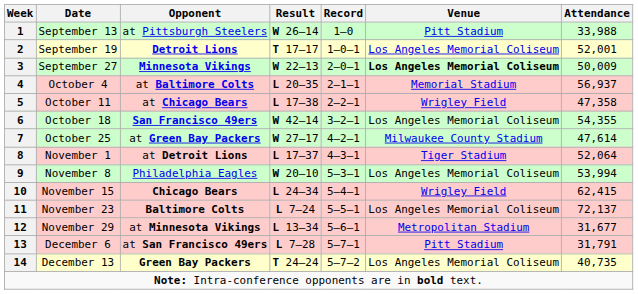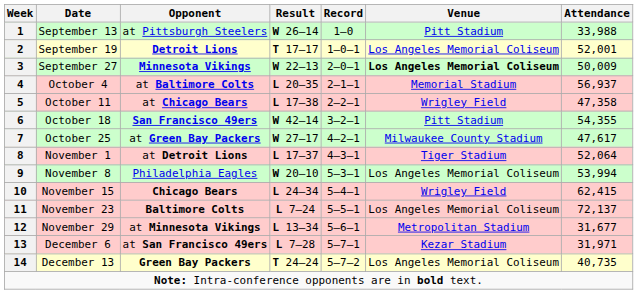 <table class="wikitable" style="text-align:center">
 <tr>
 <th>Week</th>
 <th>Date</th>
 <th>Opponent</th>
 <th>Result</th>
 <th>Record</th>
 <th>Venue</th>
 <th>Attendance</th>
 </tr>
 <tr style="background:#cfc">
 <th>1</th>
 <td>September 13</td>
 <td>at <a href='#'>Pittsburgh Steelers</a></td>
 <td><strong>W</strong> 26–14</td>
 <td>1–0</td>
 <td><a href='#'>Pitt Stadium</a></td>
 <td>33,988</td>
 </tr>
 <tr style="background:#ffc">
 <th>2</th>
 <td>September 19</td>
 <td><strong><a href='#'>Detroit Lions</a></strong></td>
 <td><strong>T</strong> 17–17</td>
 <td>1–0–1</td>
 <td><a href='#'>Los Angeles Memorial Coliseum</a></td>
 <td>52,001</td>
 </tr>
 <tr style="background:#cfc">
 <th>3</th>
 <td>September 27</td>
 <td><strong><a href='#'>Minnesota Vikings</a></strong></td>
 <td><strong>W</strong> 22–13</td>
 <td>2–0–1</td>
 <td><strong>Los Angeles Memorial Coliseum</strong></td>
 <td>50,009</td>
 </tr>
 <tr style="background:#fcc">
 <th>4</th>
 <td>October 4</td>
 <td>at <strong><a href='#'>Baltimore Colts</a></strong></td>
 <td><strong>L</strong> 20–35</td>
 <td>2–1–1</td>
 <td><a href='#'>Memorial Stadium</a></td>
 <td>56,937</td>
 </tr>
 <tr style="background:#fcc">
 <th>5</th>
 <td>October 11</td>
 <td>at <strong><a href='#'>Chicago Bears</a></strong></td>
 <td><strong>L</strong> 17–38</td>
 <td>2–2–1</td>
 <td><a href='#'>Wrigley Field</a></td>
 <td>47,358</td>
 </tr>
 <tr style="background:#cfc">
 <th>6</th>
 <td>October 18</td>
 <td><strong><a href='#'>San Francisco 49ers</a></strong></td>
 <td><strong>W</strong> 42–14</td>
 <td>3–2–1</td>
-<td>Los Angeles Memorial Coliseum</td>
+<td><a href='#'>Pitt Stadium</a></td>
 <td>54,355</td>
 </tr>
 <tr style="background:#cfc">
 <th>7</th>
 <td>October 25</td>
 <td>at <strong><a href='#'>Green Bay Packers</a></strong></td>
 <td><strong>W</strong> 27–17</td>
 <td>4–2–1</td>
 <td><a href='#'>Milwaukee County Stadium</a></td>
-<td>47,614</td>
+<td>47,617</td>
 </tr>
 <tr style="background:#fcc">
 <th>8</th>
 <td>November 1</td>
 <td>at <strong>Detroit Lions</strong></td>
 <td><strong>L</strong> 17–37</td>
 <td>4–3–1</td>
 <td><a href='#'>Tiger Stadium</a></td>
 <td>52,064</td>
 </tr>
 <tr style="background:#cfc">
 <th>9</th>
 <td>November 8</td>
 <td><a href='#'>Philadelphia Eagles</a></td>
 <td><strong>W</strong> 20–10</td>
 <td>5–3–1</td>
 <td>Los Angeles Memorial Coliseum</td>
 <td>53,994</td>
 </tr>
 <tr style="background:#fcc">
 <th>10</th>
 <td>November 15</td>
 <td><strong>Chicago Bears</strong></td>
 <td><strong>L</strong> 24–34</td>
 <td>5–4–1</td>
 <td><a href='#'>Wrigley Field</a></td>
 <td>62,415</td>
 </tr>
 <tr style="background:#fcc">
 <th>11</th>
 <td>November 23</td>
 <td><strong>Baltimore Colts</strong></td>
 <td><strong>L</strong> 7–24</td>
 <td>5–5–1</td>
 <td>Los Angeles Memorial Coliseum</td>
 <td>72,137</td>
 </tr>
 <tr style="background:#fcc">
 <th>12</th>
 <td>November 29</td>
 <td>at <strong>Minnesota Vikings</strong></td>
 <td><strong>L</strong> 13–34</td>
 <td>5–6–1</td>
 <td><a href='#'>Metropolitan Stadium</a></td>
 <td>31,677</td>
 </tr>
 <tr style="background:#fcc">
 <th>13</th>
 <td>December 6</td>
 <td>at <strong>San Francisco 49ers</strong></td>
 <td><strong>L</strong> 7–28</td>
 <td>5–7–1</td>
-<td><a href='#'>Pitt Stadium</a></td>
-<td>31,791</td>
+<td><a href='#'>Kezar Stadium</a></td>
+<td>31,971</td>
 </tr>
 <tr style="background:#ffc">
 <th>14</th>
 <td>December 13</td>
 <td><strong>Green Bay Packers</strong></td>
 <td><strong>T</strong> 24–24</td>
 <td>5–7–2</td>
 <td>Los Angeles Memorial Coliseum</td>
 <td>40,735</td>
 </tr>
 <tr>
 <td colspan="8"><strong>Note:</strong> Intra-conference opponents are in <strong>bold</strong> text.</td>
 </tr>
 </table>
